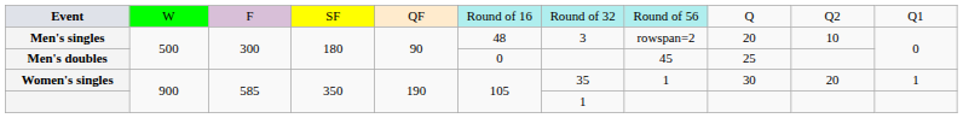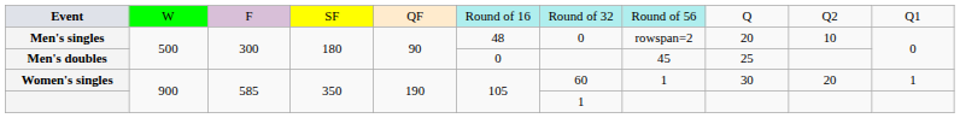 <table class=wikitable style=font-size:90%;text-align:center>
 <tr>
 <td style="width:130px; background:#dfe2e9;"><strong>Event</strong></td>
 <td style="width:80px; background:lime;">W</td>
 <td style="width:85px; background:thistle;">F</td>
 <td style="width:85px; background:#ff0;">SF</td>
 <td style="width:85px; background:#ffebcd;">QF</td>
 <td style="width:85px; background:#afeeee;">Round of 16</td>
 <td style="width:85px; background:#afeeee;">Round of 32</td>
 <td style="width:85px; background:#afeeee;">Round of 56</td>
 <td style="width:85px;">Q</td>
 <td style="width:85px;">Q2</td>
 <td style="width:85px;">Q1</td>
 </tr>
 <tr>
 <th style="background:#f4f4f4;">Men's singles</th>
 <td rowspan=2>500</td>
 <td rowspan=2>300</td>
 <td rowspan=2>180</td>
 <td rowspan=2>90</td>
 <td>48</td>
-<td>3</td>
+<td>0</td>
 <td>rowspan=2 </td>
 <td>20</td>
 <td>10</td>
 <td rowspan=2>0</td>
 </tr>
 <tr>
 <th style="background:#f4f4f4;">Men's doubles</th>
 <td>0</td>
 <td></td>
 <td>45</td>
 <td>25</td>
 </tr>
 <tr>
 <th style="background:#f4f4f4;">Women's singles</th>
 <td rowspan=2>900</td>
 <td rowspan=2>585</td>
 <td rowspan=2>350</td>
 <td rowspan=2>190</td>
 <td rowspan=2>105</td>
-<td>35</td>
+<td>60</td>
 <td>1</td>
 <td>30</td>
 <td>20</td>
 <td>1</td>
 </tr>
 <tr>
 <th style="background:#f4f4f4;"></th>
 <td>1</td>
 <td></td>
 <td></td>
 <td></td>
 <td></td>
 </tr>
 </table>
